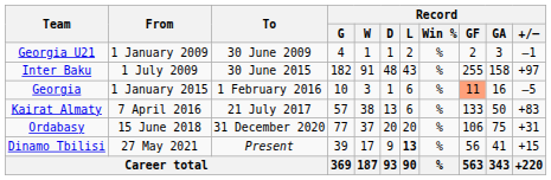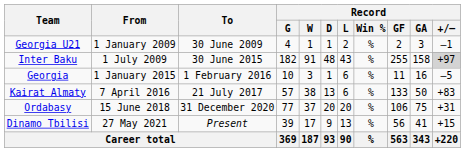 <table class="wikitable" style="text-align: center">
 <tr>
 <th rowspan="2">Team</th>
 <th rowspan="2">From</th>
 <th rowspan="2">To</th>
 <th colspan="8">Record</th>
 </tr>
 <tr>
 <th>G</th>
 <th>W</th>
 <th>D</th>
 <th>L</th>
 <th>Win %</th>
 <th>GF</th>
 <th>GA</th>
 <th>+/–</th>
 </tr>
 <tr>
 <td><a href='#'>Georgia U21</a></td>
 <td>1 January 2009</td>
 <td>30 June 2009</td>
 <td>4</td>
 <td>1</td>
 <td>1</td>
 <td>2</td>
 <td>%</td>
 <td>2</td>
 <td>3</td>
 <td>–1</td>
 </tr>
 <tr>
 <td><a href='#'>Inter Baku</a></td>
 <td>1 July 2009</td>
 <td>30 June 2015</td>
 <td>182</td>
 <td>91</td>
 <td>48</td>
 <td>43</td>
 <td>%</td>
 <td>255</td>
 <td>158</td>
-<td>+97</td>
+<td style="background: lightgrey;">+97</td>
 </tr>
 <tr>
 <td><a href='#'>Georgia</a></td>
 <td>1 January 2015</td>
 <td>1 February 2016</td>
 <td>10</td>
 <td>3</td>
 <td>1</td>
 <td>6</td>
 <td>%</td>
-<td style="background: lightsalmon;">11</td>
+<td>11</td>
 <td>16</td>
 <td>–5</td>
 </tr>
 <tr>
 <td><a href='#'>Kairat Almaty</a></td>
 <td>7 April 2016</td>
 <td>21 July 2017</td>
 <td>57</td>
 <td>38</td>
 <td>13</td>
 <td>6</td>
 <td>%</td>
 <td>133</td>
 <td>50</td>
 <td>+83</td>
 </tr>
 <tr>
 <td><a href='#'>Ordabasy</a></td>
 <td>15 June 2018</td>
 <td>31 December 2020</td>
 <td>77</td>
 <td>37</td>
 <td>20</td>
 <td>20</td>
 <td>%</td>
 <td>106</td>
 <td>75</td>
 <td>+31</td>
 </tr>
 <tr>
 <td><a href='#'>Dinamo Tbilisi</a></td>
 <td>27 May 2021</td>
 <td><em>Present</em></td>
 <td>39</td>
 <td>17</td>
 <td>9</td>
-<td><strong>13</strong></td>
+<td>13</td>
 <td>%</td>
 <td>56</td>
 <td>41</td>
 <td>+15</td>
 </tr>
 <tr>
 <th colspan="3">Career total</th>
 <th>369</th>
 <th>187</th>
 <th>93</th>
 <th>90</th>
 <th>%</th>
 <th>563</th>
 <th>343</th>
 <th>+220</th>
 </tr>
 </table>
